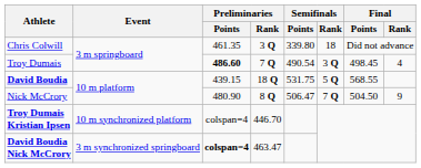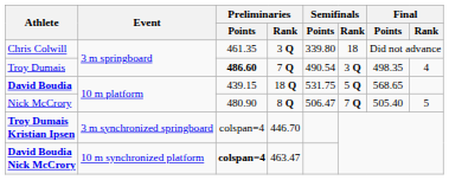 <table class=wikitable style=font-size:90%;text-align:center>
 <tr>
 <th rowspan=2>Athlete</th>
 <th rowspan=2>Event</th>
 <th colspan=2>Preliminaries</th>
 <th colspan=2>Semifinals</th>
 <th colspan=2>Final</th>
 </tr>
 <tr style=font-size:95%>
 <th>Points</th>
 <th>Rank</th>
 <th>Points</th>
 <th>Rank</th>
 <th>Points</th>
 <th>Rank</th>
 </tr>
 <tr>
 <td align=left><a href='#'>Chris Colwill</a></td>
 <td align=left rowspan=2><a href='#'>3 m springboard</a></td>
 <td>461.35</td>
 <td>3 <strong>Q</strong></td>
 <td>339.80</td>
 <td>18</td>
 <td colspan=2>Did not advance</td>
 </tr>
 <tr>
 <td align=left><a href='#'>Troy Dumais</a></td>
 <td><strong>486.60</strong></td>
 <td>7 <strong>Q</strong></td>
 <td>490.54</td>
 <td>3 <strong>Q</strong></td>
-<td>498.45</td>
+<td>498.35</td>
 <td>4</td>
 </tr>
 <tr>
 <td align=left><strong><a href='#'>David Boudia</a></strong></td>
 <td align=left rowspan=2><a href='#'>10 m platform</a></td>
 <td>439.15</td>
 <td>18 <strong>Q</strong></td>
 <td>531.75</td>
 <td>5 <strong>Q</strong></td>
-<td>568.55</td>
+<td>568.65</td>
 <td></td>
 </tr>
 <tr>
 <td align=left><a href='#'>Nick McCrory</a></td>
 <td>480.90</td>
 <td>8 <strong>Q</strong></td>
 <td>506.47</td>
 <td>7 <strong>Q</strong></td>
-<td>504.50</td>
-<td>9</td>
+<td>505.40</td>
+<td>5</td>
 </tr>
 <tr>
 <td align=left><strong><a href='#'>Troy Dumais</a><br><a href='#'>Kristian Ipsen</a></strong></td>
-<td align=left><a href='#'>10 m synchronized platform</a></td>
+<td align=left><a href='#'>3 m synchronized springboard</a></td>
 <td>colspan=4 </td>
 <td>446.70</td>
 <td></td>
 </tr>
 <tr>
 <td align=left><strong><a href='#'>David Boudia</a><br><a href='#'>Nick McCrory</a></strong></td>
-<td align=left><a href='#'>3 m synchronized springboard</a></td>
+<td align=left><a href='#'>10 m synchronized platform</a></td>
 <td><strong>colspan=4 </strong></td>
 <td>463.47</td>
 <td></td>
 </tr>
 </table>
